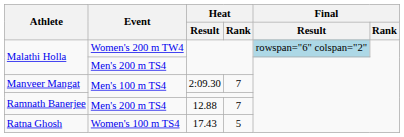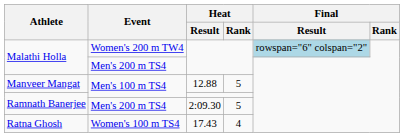 <table class=wikitable style="font-size:90%">
 <tr>
 <th rowspan="2">Athlete</th>
 <th rowspan="2">Event</th>
 <th colspan="2">Heat</th>
 <th colspan="2">Final</th>
 </tr>
 <tr>
 <th>Result</th>
 <th>Rank</th>
 <th>Result</th>
 <th>Rank</th>
 </tr>
 <tr>
 <td rowspan="2"><a href='#'>Malathi Holla</a></td>
 <td><a href='#'>Women's 200 m TW4</a></td>
 <td style="text-align:center;" rowspan="2" colspan="2"></td>
 <td style="background: lightblue;">rowspan="6" colspan="2" </td>
 </tr>
 <tr>
 <td><a href='#'>Men's 200 m TS4</a></td>
 </tr>
 <tr>
 <td><a href='#'>Manveer Mangat</a></td>
 <td rowspan="2"><a href='#'>Men's 100 m TS4</a></td>
-<td style="text-align:center;">2:09.30</td>
-<td style="text-align:center;">7</td>
+<td style="text-align:center;">12.88</td>
+<td style="text-align:center;">5</td>
 </tr>
 <tr>
 <td rowspan="2"><a href='#'>Ramnath Banerjee</a></td>
 <td style="text-align:center;" colspan="2"></td>
 </tr>
 <tr>
 <td><a href='#'>Men's 200 m TS4</a></td>
-<td style="text-align:center;">12.88</td>
-<td style="text-align:center;">7</td>
+<td style="text-align:center;">2:09.30</td>
+<td style="text-align:center;">5</td>
 </tr>
 <tr>
 <td><a href='#'>Ratna Ghosh</a></td>
 <td><a href='#'>Women's 100 m TS4</a></td>
 <td style="text-align:center;">17.43</td>
-<td style="text-align:center;">5</td>
+<td style="text-align:center;">4</td>
 </tr>
 </table>
